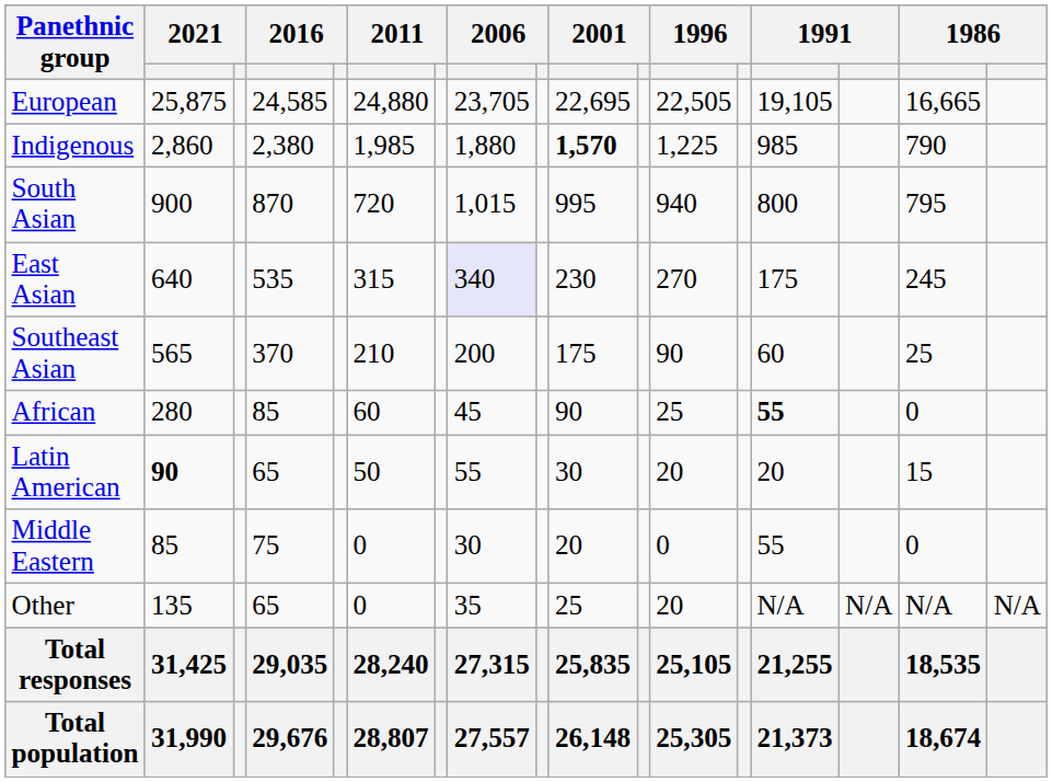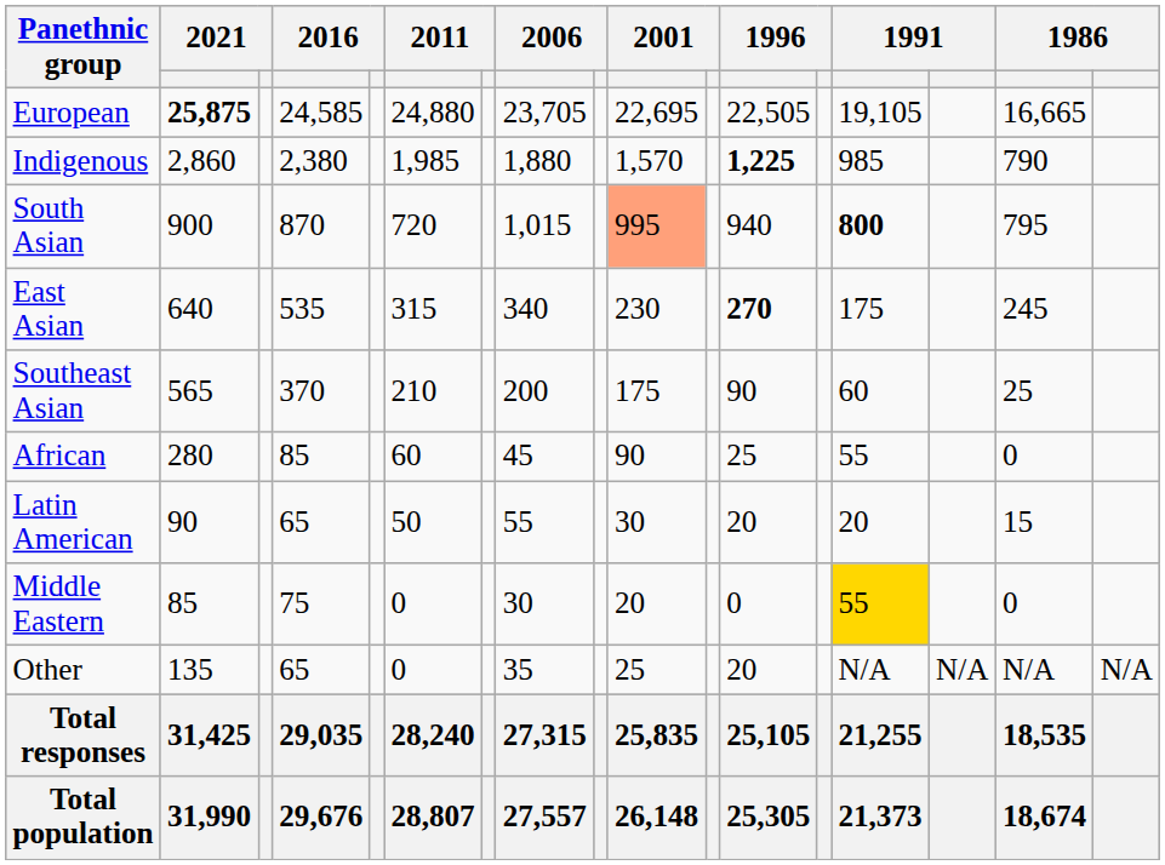 <table class="wikitable collapsible sortable">
 <tr>
 <th rowspan="2"><a href='#'>Panethnic</a><br>group</th>
 <th colspan="2">2021</th>
 <th colspan="2">2016</th>
 <th colspan="2">2011</th>
 <th colspan="2">2006</th>
 <th colspan="2">2001</th>
 <th colspan="2">1996</th>
 <th colspan="2">1991</th>
 <th colspan="2">1986</th>
 </tr>
 <tr>
 <th><a href='#'></a></th>
 <th></th>
 <th></th>
 <th></th>
 <th></th>
 <th></th>
 <th></th>
 <th></th>
 <th></th>
 <th></th>
 <th></th>
 <th></th>
 <th></th>
 <th></th>
 <th></th>
 <th></th>
 </tr>
 <tr>
 <td><a href='#'>European</a></td>
-<td>25,875</td>
+<td><strong>25,875</strong></td>
 <td></td>
 <td>24,585</td>
 <td></td>
 <td>24,880</td>
 <td></td>
 <td>23,705</td>
 <td></td>
 <td>22,695</td>
 <td></td>
 <td>22,505</td>
 <td></td>
 <td>19,105</td>
 <td></td>
 <td>16,665</td>
 <td></td>
 </tr>
 <tr>
 <td><a href='#'>Indigenous</a></td>
 <td>2,860</td>
 <td></td>
 <td>2,380</td>
 <td></td>
 <td>1,985</td>
 <td></td>
 <td>1,880</td>
 <td></td>
-<td><strong>1,570</strong></td>
+<td>1,570</td>
 <td></td>
-<td>1,225</td>
+<td><strong>1,225</strong></td>
 <td></td>
 <td>985</td>
 <td></td>
 <td>790</td>
 <td></td>
 </tr>
 <tr>
 <td><a href='#'>South<br>Asian</a></td>
 <td>900</td>
 <td></td>
 <td>870</td>
 <td></td>
 <td>720</td>
 <td></td>
 <td>1,015</td>
 <td></td>
-<td>995</td>
+<td style="background: lightsalmon;">995</td>
 <td></td>
 <td>940</td>
 <td></td>
-<td>800</td>
+<td><strong>800</strong></td>
 <td></td>
 <td>795</td>
 <td></td>
 </tr>
 <tr>
 <td><a href='#'>East<br>Asian</a></td>
 <td>640</td>
 <td></td>
 <td>535</td>
 <td></td>
 <td>315</td>
 <td></td>
-<td style="background: lavender;">340</td>
+<td>340</td>
 <td></td>
 <td>230</td>
 <td></td>
-<td>270</td>
+<td><strong>270</strong></td>
 <td></td>
 <td>175</td>
 <td></td>
 <td>245</td>
 <td></td>
 </tr>
 <tr>
 <td><a href='#'>Southeast<br>Asian</a></td>
 <td>565</td>
 <td></td>
 <td>370</td>
 <td></td>
 <td>210</td>
 <td></td>
 <td>200</td>
 <td></td>
 <td>175</td>
 <td></td>
 <td>90</td>
 <td></td>
 <td>60</td>
 <td></td>
 <td>25</td>
 <td></td>
 </tr>
 <tr>
 <td><a href='#'>African</a></td>
 <td>280</td>
 <td></td>
 <td>85</td>
 <td></td>
 <td>60</td>
 <td></td>
 <td>45</td>
 <td></td>
 <td>90</td>
 <td></td>
 <td>25</td>
 <td></td>
-<td><strong>55</strong></td>
+<td>55</td>
 <td></td>
 <td>0</td>
 <td></td>
 </tr>
 <tr>
 <td><a href='#'>Latin<br>American</a></td>
-<td><strong>90</strong></td>
+<td>90</td>
 <td></td>
 <td>65</td>
 <td></td>
 <td>50</td>
 <td></td>
 <td>55</td>
 <td></td>
 <td>30</td>
 <td></td>
 <td>20</td>
 <td></td>
 <td>20</td>
 <td></td>
 <td>15</td>
 <td></td>
 </tr>
 <tr>
 <td><a href='#'>Middle<br>Eastern</a></td>
 <td>85</td>
 <td></td>
 <td>75</td>
 <td></td>
 <td>0</td>
 <td></td>
 <td>30</td>
 <td></td>
 <td>20</td>
 <td></td>
 <td>0</td>
 <td></td>
-<td>55</td>
+<td style="background: gold;">55</td>
 <td></td>
 <td>0</td>
 <td></td>
 </tr>
 <tr>
 <td>Other</td>
 <td>135</td>
 <td></td>
 <td>65</td>
 <td></td>
 <td>0</td>
 <td></td>
 <td>35</td>
 <td></td>
 <td>25</td>
 <td></td>
 <td>20</td>
 <td></td>
 <td>N/A</td>
 <td>N/A</td>
 <td>N/A</td>
 <td>N/A</td>
 </tr>
 <tr>
 <th>Total<br>responses</th>
 <th>31,425</th>
 <th></th>
 <th>29,035</th>
 <th></th>
 <th>28,240</th>
 <th></th>
 <th>27,315</th>
 <th></th>
 <th>25,835</th>
 <th></th>
 <th>25,105</th>
 <th></th>
 <th>21,255</th>
 <th></th>
 <th>18,535</th>
 <th></th>
 </tr>
 <tr>
 <th>Total<br>population</th>
 <th>31,990</th>
 <th></th>
 <th>29,676</th>
 <th></th>
 <th>28,807</th>
 <th></th>
 <th>27,557</th>
 <th></th>
 <th>26,148</th>
 <th></th>
 <th>25,305</th>
 <th></th>
 <th>21,373</th>
 <th></th>
 <th>18,674</th>
 <th></th>
 </tr>
 </table>
